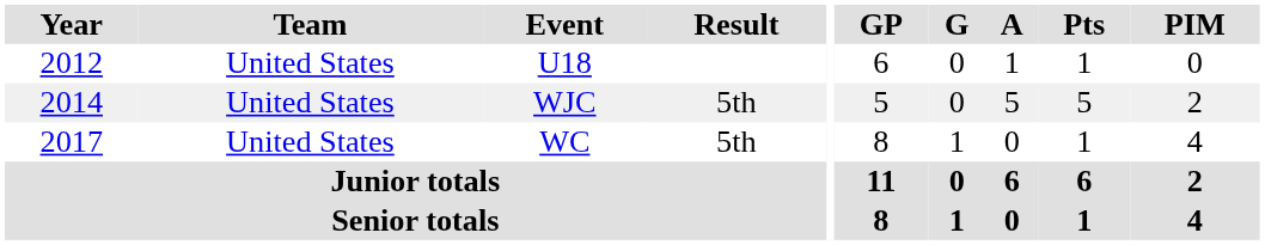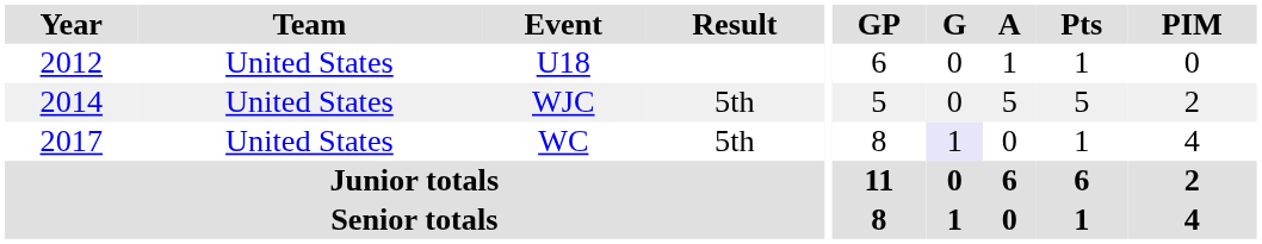 <table border="0" cellpadding="1" cellspacing="0" ID="Table3" style="text-align:center; width:40em">
 <tr ALIGN="center" bgcolor="#e0e0e0">
 <th>Year</th>
 <th>Team</th>
 <th>Event</th>
 <th>Result</th>
 <th rowspan="99" bgcolor="#ffffff"></th>
 <th>GP</th>
 <th>G</th>
 <th>A</th>
 <th>Pts</th>
 <th>PIM</th>
 </tr>
 <tr>
 <td><a href='#'>2012</a></td>
 <td><a href='#'>United States</a></td>
 <td><a href='#'>U18</a></td>
 <td></td>
 <td>6</td>
 <td>0</td>
 <td>1</td>
 <td>1</td>
 <td>0</td>
 </tr>
 <tr bgcolor="#f0f0f0">
 <td><a href='#'>2014</a></td>
 <td><a href='#'>United States</a></td>
 <td><a href='#'>WJC</a></td>
 <td>5th</td>
 <td>5</td>
 <td>0</td>
 <td>5</td>
 <td>5</td>
 <td>2</td>
 </tr>
 <tr>
 <td><a href='#'>2017</a></td>
 <td><a href='#'>United States</a></td>
 <td><a href='#'>WC</a></td>
 <td>5th</td>
 <td>8</td>
-<td>1</td>
+<td style="background: lavender;">1</td>
 <td>0</td>
 <td>1</td>
 <td>4</td>
 </tr>
 <tr bgcolor="#e0e0e0">
 <th colspan=4>Junior totals</th>
 <th>11</th>
 <th>0</th>
 <th>6</th>
 <th>6</th>
 <th>2</th>
 </tr>
 <tr bgcolor="#e0e0e0">
 <th colspan=4>Senior totals</th>
 <th>8</th>
 <th>1</th>
 <th>0</th>
 <th>1</th>
 <th>4</th>
 </tr>
 </table>
